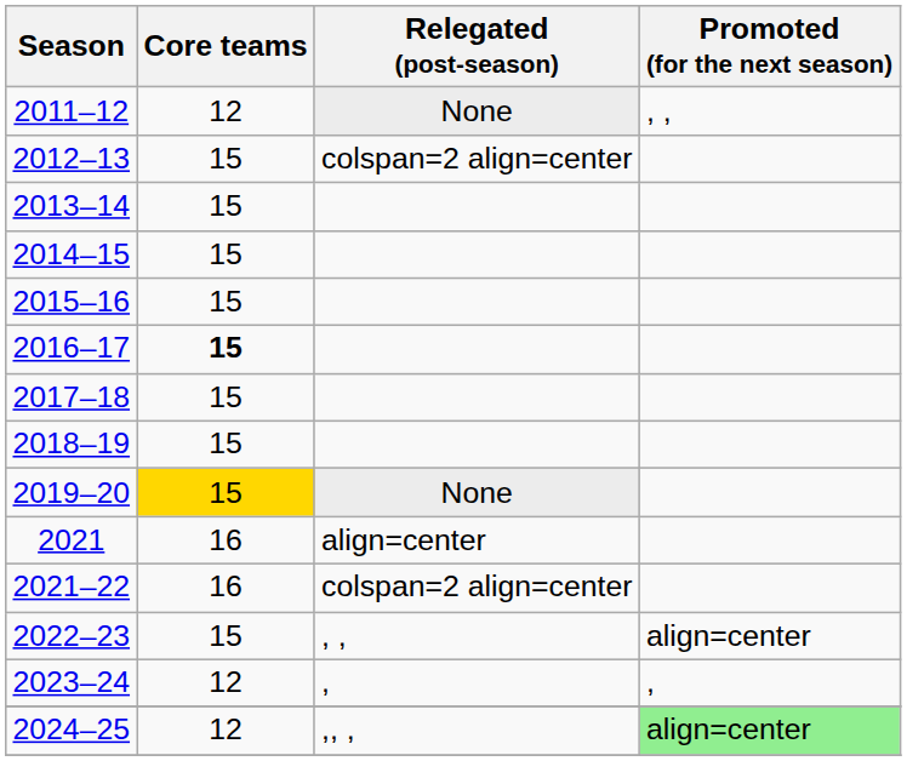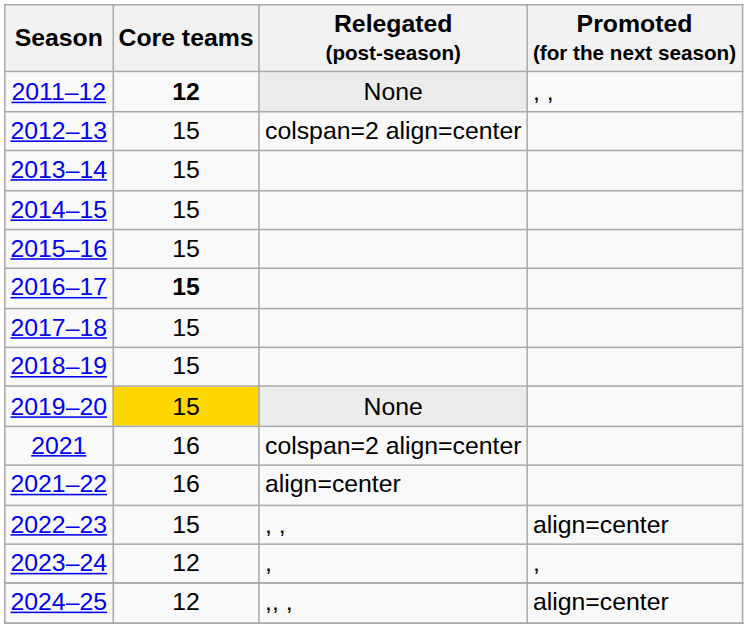 <table class = "wikitable sortable">
 <tr>
 <th>Season</th>
 <th>Core teams</th>
 <th>Relegated<br><small>(post-season)</small></th>
 <th>Promoted<br><small>(for the next season)</small></th>
 </tr>
 <tr>
 <td align=center><a href='#'>2011–12</a></td>
-<td align=center>12</td>
+<td align=center><strong>12</strong></td>
 <td style="background:#ececec;" align=center>None</td>
 <td>, , </td>
 </tr>
 <tr>
 <td align=center><a href='#'>2012–13</a></td>
 <td align=center>15</td>
 <td>colspan=2 align=center </td>
 </tr>
 <tr>
 <td align=center><a href='#'>2013–14</a></td>
 <td align=center>15</td>
 <td></td>
 <td></td>
 </tr>
 <tr>
 <td align=center><a href='#'>2014–15</a></td>
 <td align=center>15</td>
 <td></td>
 <td></td>
 </tr>
 <tr>
 <td align=center><a href='#'>2015–16</a></td>
 <td align=center>15</td>
 <td></td>
 <td></td>
 </tr>
 <tr>
 <td align=center><a href='#'>2016–17</a></td>
 <td align=center><strong>15</strong></td>
 <td></td>
 <td></td>
 </tr>
 <tr>
 <td align=center><a href='#'>2017–18</a></td>
 <td align=center>15</td>
 <td></td>
 <td></td>
 </tr>
 <tr>
 <td align=center><a href='#'>2018–19</a></td>
 <td align=center>15</td>
 <td></td>
 <td></td>
 </tr>
 <tr>
 <td align=center><a href='#'>2019–20</a></td>
 <td align=center style="background: gold;">15</td>
 <td style="background:#ececec;" align=center>None</td>
 <td></td>
 </tr>
 <tr>
 <td align=center><a href='#'>2021</a></td>
 <td align=center>16</td>
-<td>align=center </td>
+<td>colspan=2 align=center</td>
 </tr>
 <tr>
 <td align=center><a href='#'>2021–22</a></td>
 <td align=center>16</td>
-<td>colspan=2 align=center</td>
+<td>align=center </td>
 <td></td>
 </tr>
 <tr>
 <td align=center><a href='#'>2022–23</a></td>
 <td align=center>15</td>
 <td>, , </td>
 <td>align=center </td>
 </tr>
 <tr>
 <td align=center><a href='#'>2023–24</a></td>
 <td align=center>12</td>
 <td>, </td>
 <td>, </td>
 </tr>
 <tr>
 </tr>
 <tr>
 </tr>
 <tr>
 <td align=center><a href='#'>2024–25</a></td>
 <td align=center>12</td>
 <td>,, ,</td>
-<td style="background: lightgreen;">align=center </td>
+<td>align=center </td>
 </tr>
 <tr>
 </tr>
 <tr>
 </tr>
 <tr>
 </tr>
 </table>
